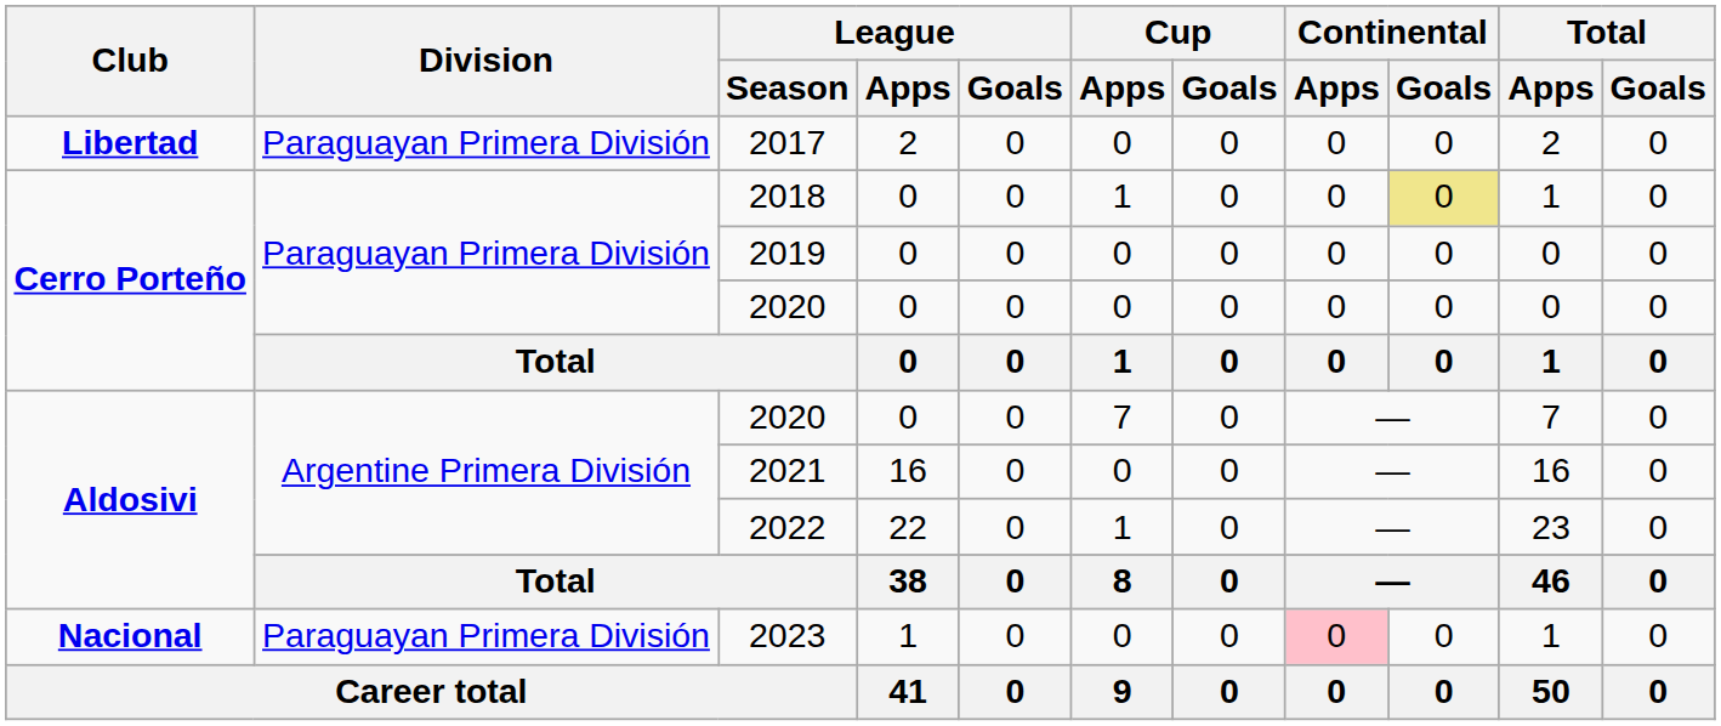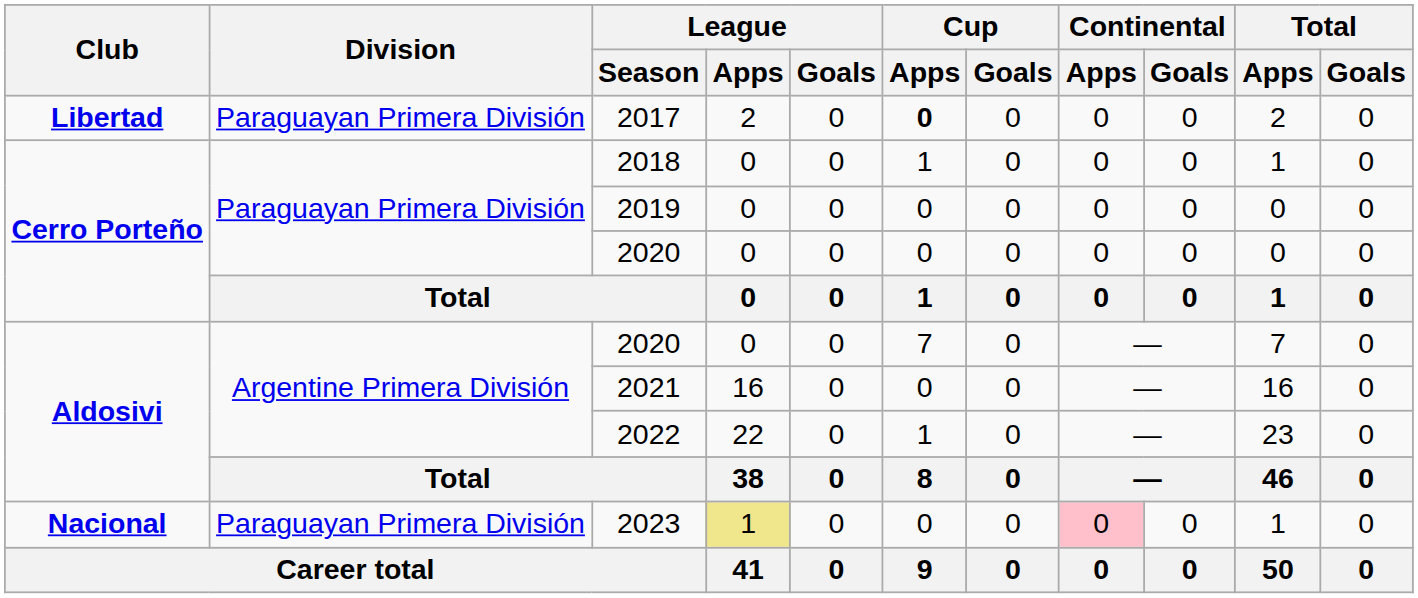 <table class="wikitable" style="text-align:center">
 <tr>
 <th rowspan="2">Club</th>
 <th rowspan="2">Division</th>
 <th colspan="3">League</th>
 <th colspan="2">Cup</th>
 <th colspan="2">Continental</th>
 <th colspan="2">Total</th>
 </tr>
 <tr>
 <th>Season</th>
 <th>Apps</th>
 <th>Goals</th>
 <th>Apps</th>
 <th>Goals</th>
 <th>Apps</th>
 <th>Goals</th>
 <th>Apps</th>
 <th>Goals</th>
 </tr>
 <tr>
 <td><strong><a href='#'>Libertad</a></strong></td>
 <td><a href='#'>Paraguayan Primera División</a></td>
 <td>2017</td>
 <td>2</td>
 <td>0</td>
-<td>0</td>
+<td><strong>0</strong></td>
 <td>0</td>
 <td>0</td>
 <td>0</td>
 <td>2</td>
 <td>0</td>
 </tr>
 <tr>
 <td rowspan="4"><strong><a href='#'>Cerro Porteño</a></strong></td>
 <td rowspan="3"><a href='#'>Paraguayan Primera División</a></td>
 <td>2018</td>
 <td>0</td>
 <td>0</td>
 <td>1</td>
 <td>0</td>
 <td>0</td>
-<td style="background: khaki;">0</td>
+<td>0</td>
 <td>1</td>
 <td>0</td>
 </tr>
 <tr>
 <td>2019</td>
 <td>0</td>
 <td>0</td>
 <td>0</td>
 <td>0</td>
 <td>0</td>
 <td>0</td>
 <td>0</td>
 <td>0</td>
 </tr>
 <tr>
 <td>2020</td>
 <td>0</td>
 <td>0</td>
 <td>0</td>
 <td>0</td>
 <td>0</td>
 <td>0</td>
 <td>0</td>
 <td>0</td>
 </tr>
 <tr>
 <th colspan="2">Total</th>
 <th>0</th>
 <th>0</th>
 <th>1</th>
 <th>0</th>
 <th>0</th>
 <th>0</th>
 <th>1</th>
 <th>0</th>
 </tr>
 <tr>
 <td rowspan="4"><strong><a href='#'>Aldosivi</a></strong></td>
 <td rowspan="3"><a href='#'>Argentine Primera División</a></td>
 <td>2020</td>
 <td>0</td>
 <td>0</td>
 <td>7</td>
 <td>0</td>
 <td colspan="2">—</td>
 <td>7</td>
 <td>0</td>
 </tr>
 <tr>
 <td>2021</td>
 <td>16</td>
 <td>0</td>
 <td>0</td>
 <td>0</td>
 <td colspan="2">—</td>
 <td>16</td>
 <td>0</td>
 </tr>
 <tr>
 <td>2022</td>
 <td>22</td>
 <td>0</td>
 <td>1</td>
 <td>0</td>
 <td colspan="2">—</td>
 <td>23</td>
 <td>0</td>
 </tr>
 <tr>
 <th colspan="2">Total</th>
 <th>38</th>
 <th>0</th>
 <th>8</th>
 <th>0</th>
 <th colspan="2">—</th>
 <th>46</th>
 <th>0</th>
 </tr>
 <tr>
 <td><strong><a href='#'>Nacional</a></strong></td>
 <td><a href='#'>Paraguayan Primera División</a></td>
 <td>2023</td>
-<td>1</td>
+<td style="background: khaki;">1</td>
 <td>0</td>
 <td>0</td>
 <td>0</td>
 <td style="background: pink;">0</td>
 <td>0</td>
 <td>1</td>
 <td>0</td>
 </tr>
 <tr>
 <th colspan="3">Career total</th>
 <th>41</th>
 <th>0</th>
 <th>9</th>
 <th>0</th>
 <th>0</th>
 <th>0</th>
 <th>50</th>
 <th>0</th>
 </tr>
 </table>
